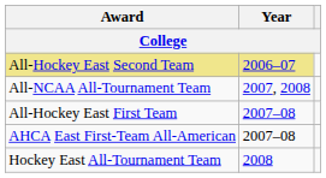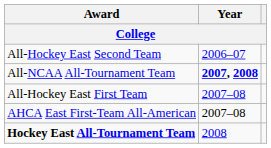 <table class="wikitable">
 <tr>
 <th>Award</th>
 <th>Year</th>
 <th></th>
 </tr>
 <tr>
 <th colspan="3"><a href='#'>College</a></th>
 </tr>
 <tr>
-<td style="background: khaki;">All-<a href='#'>Hockey East</a> <a href='#'>Second Team</a></td>
-<td style="background: khaki;"><a href='#'>2006–07</a></td>
+<td>All-<a href='#'>Hockey East</a> <a href='#'>Second Team</a></td>
+<td><a href='#'>2006–07</a></td>
 <td></td>
 </tr>
 <tr>
 <td>All-<a href='#'>NCAA</a> <a href='#'>All-Tournament Team</a></td>
-<td><a href='#'>2007</a>, <a href='#'>2008</a></td>
+<td><strong><a href='#'>2007</a>, <a href='#'>2008</a></strong></td>
 <td></td>
 </tr>
 <tr>
 <td>All-Hockey East <a href='#'>First Team</a></td>
 <td><a href='#'>2007–08</a></td>
 <td></td>
 </tr>
 <tr>
 <td><a href='#'>AHCA</a> <a href='#'>East First-Team All-American</a></td>
 <td>2007–08</td>
 <td></td>
 </tr>
 <tr>
-<td>Hockey East <a href='#'>All-Tournament Team</a></td>
+<td><strong>Hockey East <a href='#'>All-Tournament Team</a></strong></td>
 <td><a href='#'>2008</a></td>
 <td></td>
 </tr>
 </table>
